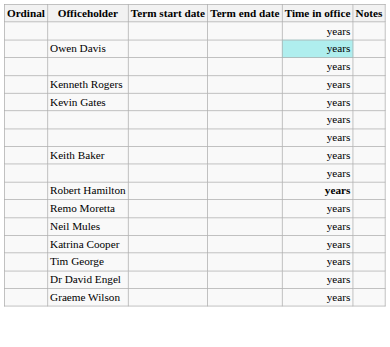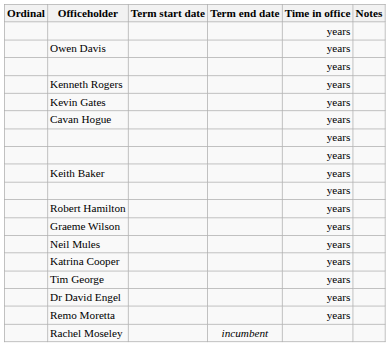 <table class='wikitable sortable'>
 <tr>
 <th>Ordinal</th>
 <th>Officeholder</th>
 <th>Term start date</th>
 <th>Term end date</th>
 <th>Time in office</th>
 <th>Notes</th>
 </tr>
 <tr>
 <td align=center></td>
 <td></td>
 <td align=center></td>
 <td align=center></td>
 <td align=right> years</td>
 <td></td>
 </tr>
 <tr>
 <td align=center></td>
 <td>Owen Davis</td>
 <td align=center></td>
 <td align=center></td>
-<td align=right style="background: paleturquoise;"> years</td>
+<td align=right> years</td>
 <td></td>
 </tr>
 <tr>
 <td align=center></td>
 <td></td>
 <td align=center></td>
 <td align=center></td>
 <td align=right> years</td>
 <td></td>
 </tr>
 <tr>
 <td align=center></td>
 <td>Kenneth Rogers</td>
 <td align=center></td>
 <td align=center></td>
 <td align=right> years</td>
 <td></td>
 </tr>
 <tr>
 <td align=center></td>
 <td>Kevin Gates</td>
+<td align=center></td>
+<td align=center></td>
+<td align=right> years</td>
+<td></td>
+</tr>
+<tr>
+<td align=center></td>
+<td>Cavan Hogue</td>
 <td align=center></td>
 <td align=center></td>
 <td align=right> years</td>
 <td></td>
 </tr>
 <tr>
 <td align=center></td>
 <td></td>
 <td align=center></td>
 <td align=center></td>
 <td align=right> years</td>
 <td></td>
 </tr>
 <tr>
 <td align=center></td>
 <td></td>
 <td align=center></td>
 <td align=center></td>
 <td align=right> years</td>
 <td></td>
 </tr>
 <tr>
 <td align=center></td>
 <td>Keith Baker</td>
 <td align=center></td>
 <td align=center></td>
 <td align=right> years</td>
 <td></td>
 </tr>
 <tr>
 <td align=center></td>
 <td></td>
 <td align=center></td>
 <td align=center></td>
 <td align=right> years</td>
 <td></td>
 </tr>
 <tr>
 <td align=center></td>
 <td>Robert Hamilton</td>
 <td align=center></td>
 <td align=center></td>
-<td align=right><strong> years</strong></td>
+<td align=right> years</td>
 <td></td>
 </tr>
 <tr>
 <td align=center></td>
-<td>Remo Moretta</td>
+<td>Graeme Wilson</td>
 <td align=center></td>
 <td align=center></td>
 <td align=right> years</td>
 <td></td>
 </tr>
 <tr>
 <td align=center></td>
 <td>Neil Mules</td>
 <td align=center></td>
 <td align=center></td>
 <td align=right> years</td>
 <td></td>
 </tr>
 <tr>
 <td align=center></td>
 <td>Katrina Cooper</td>
 <td align=center></td>
 <td align=center></td>
 <td align=right> years</td>
 <td></td>
 </tr>
 <tr>
 <td align=center></td>
 <td>Tim George</td>
 <td align=center></td>
 <td align=center></td>
 <td align=right> years</td>
 <td></td>
 </tr>
 <tr>
 <td align=center></td>
 <td>Dr David Engel</td>
 <td align=center></td>
 <td align=center></td>
 <td align=right> years</td>
 <td></td>
 </tr>
 <tr>
 <td align=center></td>
-<td>Graeme Wilson</td>
+<td>Remo Moretta</td>
 <td align=center></td>
 <td align=center></td>
 <td align=right> years</td>
 <td></td>
 </tr>
+<tr>
+<td align=center></td>
+<td>Rachel Moseley</td>
+<td align=center></td>
+<td align=center><em>incumbent</em></td>
+<td align=right></td>
+<td><br>   </td>
+</tr>
 </table>
